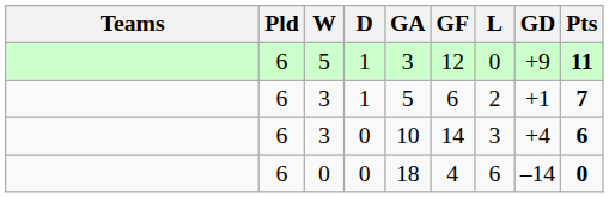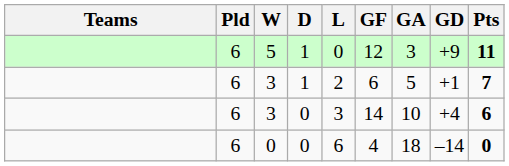 <table class="wikitable" style="text-align: center;">
 <tr>
 <th width=165>Teams</th>
 <th width=20>Pld</th>
 <th width=20>W</th>
 <th width=20>D</th>
+<th width=20>L</th>
+<th width=20>GF</th>
 <th width=20>GA</th>
-<th width=20>GF</th>
-<th width=20>L</th>
 <th width=20>GD</th>
 <th width=20>Pts</th>
 </tr>
 <tr align=center style="background:#ccffcc;">
 <td style="text-align:left;"></td>
 <td>6</td>
 <td>5</td>
 <td>1</td>
+<td>0</td>
+<td>12</td>
 <td>3</td>
-<td>12</td>
-<td>0</td>
 <td>+9</td>
 <td><strong>11</strong></td>
 </tr>
 <tr align=center>
 <td style="text-align:left;"></td>
 <td>6</td>
 <td>3</td>
 <td>1</td>
+<td>2</td>
+<td>6</td>
 <td>5</td>
-<td>6</td>
-<td>2</td>
 <td>+1</td>
 <td><strong>7</strong></td>
 </tr>
 <tr align=center>
 <td style="text-align:left;"></td>
 <td>6</td>
 <td>3</td>
 <td>0</td>
+<td>3</td>
+<td>14</td>
 <td>10</td>
-<td>14</td>
-<td>3</td>
 <td>+4</td>
 <td><strong>6</strong></td>
 </tr>
 <tr align=center>
 <td style="text-align:left;"></td>
 <td>6</td>
 <td>0</td>
 <td>0</td>
+<td>6</td>
+<td>4</td>
 <td>18</td>
-<td>4</td>
-<td>6</td>
 <td>–14</td>
 <td><strong>0</strong></td>
 </tr>
 </table>
